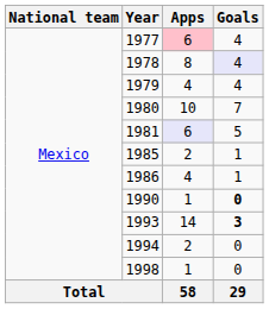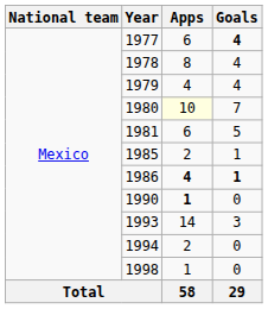 <table class="wikitable" style="text-align:center">
 <tr>
 <th>National team</th>
 <th>Year</th>
 <th width="40">Apps</th>
 <th width="40">Goals</th>
 </tr>
 <tr>
 <td rowspan="11"><a href='#'>Mexico</a></td>
 <td>1977</td>
-<td style="background: pink;">6</td>
-<td>4</td>
+<td>6</td>
+<td><strong>4</strong></td>
 </tr>
 <tr>
 <td>1978</td>
 <td>8</td>
-<td style="background: lavender;">4</td>
+<td>4</td>
 </tr>
 <tr>
 <td>1979</td>
 <td>4</td>
 <td>4</td>
 </tr>
 <tr>
 <td>1980</td>
-<td>10</td>
+<td style="background: lightyellow;">10</td>
 <td>7</td>
 </tr>
 <tr>
 <td>1981</td>
-<td style="background: lavender;">6</td>
+<td>6</td>
 <td>5</td>
 </tr>
 <tr>
 <td>1985</td>
 <td>2</td>
 <td>1</td>
 </tr>
 <tr>
 <td>1986</td>
-<td>4</td>
-<td>1</td>
+<td><strong>4</strong></td>
+<td><strong>1</strong></td>
 </tr>
 <tr>
 <td>1990</td>
-<td>1</td>
-<td><strong>0</strong></td>
+<td><strong>1</strong></td>
+<td>0</td>
 </tr>
 <tr>
 <td>1993</td>
 <td>14</td>
-<td><strong>3</strong></td>
+<td>3</td>
 </tr>
 <tr>
 <td>1994</td>
 <td>2</td>
 <td>0</td>
 </tr>
 <tr>
 <td>1998</td>
 <td>1</td>
 <td>0</td>
 </tr>
 <tr>
 <th colspan="2">Total</th>
 <th>58</th>
 <th>29</th>
 </tr>
 </table>
